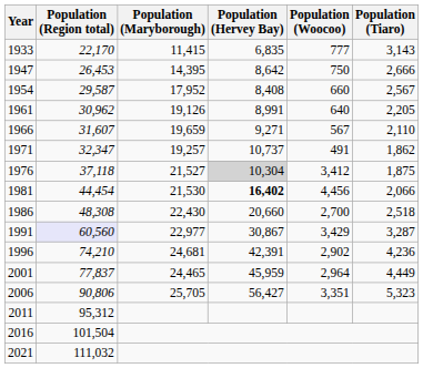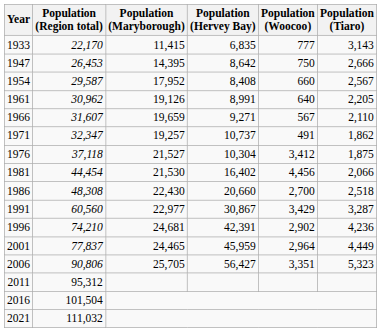 <table class="wikitable" style="text-align:right;">
 <tr>
 <th>Year</th>
 <th>Population<br>(Region total)</th>
 <th>Population<br>(Maryborough)</th>
 <th>Population<br>(Hervey Bay)</th>
 <th>Population<br>(Woocoo)</th>
 <th>Population<br>(Tiaro)</th>
 </tr>
 <tr>
 <td>1933</td>
 <td><em>22,170</em></td>
 <td>11,415</td>
 <td>6,835</td>
 <td>777</td>
 <td>3,143</td>
 </tr>
 <tr>
 <td>1947</td>
 <td><em>26,453</em></td>
 <td>14,395</td>
 <td>8,642</td>
 <td>750</td>
 <td>2,666</td>
 </tr>
 <tr>
 <td>1954</td>
 <td><em>29,587</em></td>
 <td>17,952</td>
 <td>8,408</td>
 <td>660</td>
 <td>2,567</td>
 </tr>
 <tr>
 <td>1961</td>
 <td><em>30,962</em></td>
 <td>19,126</td>
 <td>8,991</td>
 <td>640</td>
 <td>2,205</td>
 </tr>
 <tr>
 <td>1966</td>
 <td><em>31,607</em></td>
 <td>19,659</td>
 <td>9,271</td>
 <td>567</td>
 <td>2,110</td>
 </tr>
 <tr>
 <td>1971</td>
 <td><em>32,347</em></td>
 <td>19,257</td>
 <td>10,737</td>
 <td>491</td>
 <td>1,862</td>
 </tr>
 <tr>
 <td>1976</td>
 <td><em>37,118</em></td>
 <td>21,527</td>
-<td style="background: lightgrey;">10,304</td>
+<td>10,304</td>
 <td>3,412</td>
 <td>1,875</td>
 </tr>
 <tr>
 <td>1981</td>
 <td><em>44,454</em></td>
 <td>21,530</td>
-<td><strong>16,402</strong></td>
+<td>16,402</td>
 <td>4,456</td>
 <td>2,066</td>
 </tr>
 <tr>
 <td>1986</td>
 <td><em>48,308</em></td>
 <td>22,430</td>
 <td>20,660</td>
 <td>2,700</td>
 <td>2,518</td>
 </tr>
 <tr>
 <td>1991</td>
-<td style="background: lavender;"><em>60,560</em></td>
+<td><em>60,560</em></td>
 <td>22,977</td>
 <td>30,867</td>
 <td>3,429</td>
 <td>3,287</td>
 </tr>
 <tr>
 <td>1996</td>
 <td><em>74,210</em></td>
 <td>24,681</td>
 <td>42,391</td>
 <td>2,902</td>
 <td>4,236</td>
 </tr>
 <tr>
 <td>2001</td>
 <td><em>77,837</em></td>
 <td>24,465</td>
 <td>45,959</td>
 <td>2,964</td>
 <td>4,449</td>
 </tr>
 <tr>
 <td>2006</td>
 <td><em>90,806</em></td>
 <td>25,705</td>
 <td>56,427</td>
 <td>3,351</td>
 <td>5,323</td>
 </tr>
 <tr>
 <td>2011</td>
 <td>95,312</td>
 <td></td>
 <td></td>
 <td></td>
 <td></td>
 </tr>
 <tr>
 <td>2016</td>
 <td>101,504</td>
 <td colspan=4 style="text-align: left;"></td>
 </tr>
 <tr>
 <td>2021</td>
 <td>111,032</td>
 <td colspan=4 style="text-align: left;"></td>
 </tr>
 </table>
